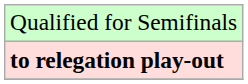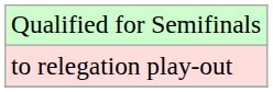 <table class="wikitable">
 <tr width=10px bgcolor="#ccffcc">
 <td>Qualified for Semifinals</td>
 </tr>
 <tr width=10px bgcolor="#ffdddd">
-<td><strong>to relegation play-out</strong></td>
+<td>to relegation play-out</td>
 </tr>
 <tr>
 </tr>
 </table>
